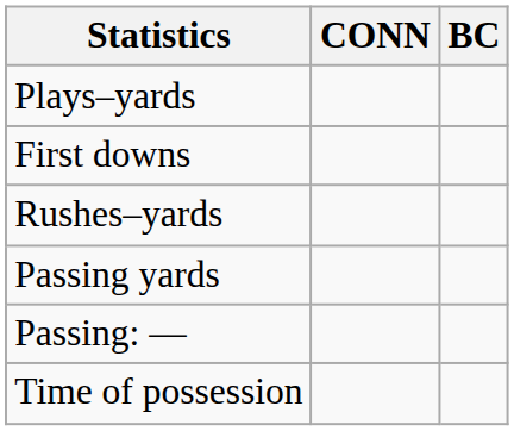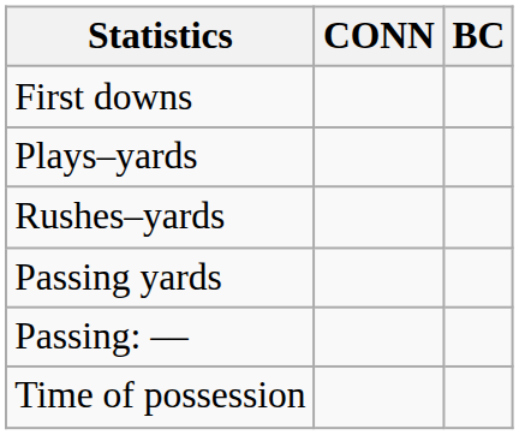 <table class="wikitable" style="float:left">
 <tr>
 <th>Statistics</th>
 <th>CONN</th>
 <th>BC</th>
 </tr>
 <tr>
-<td>Plays–yards</td>
+<td>First downs</td>
 <td></td>
 <td></td>
 </tr>
 <tr>
-<td>First downs</td>
+<td>Plays–yards</td>
 <td></td>
 <td></td>
 </tr>
 <tr>
 <td>Rushes–yards</td>
 <td></td>
 <td></td>
 </tr>
 <tr>
 <td>Passing yards</td>
 <td></td>
 <td></td>
 </tr>
 <tr>
 <td>Passing: ––</td>
 <td></td>
 <td></td>
 </tr>
 <tr>
 <td>Time of possession</td>
 <td></td>
 <td></td>
 </tr>
 </table>
